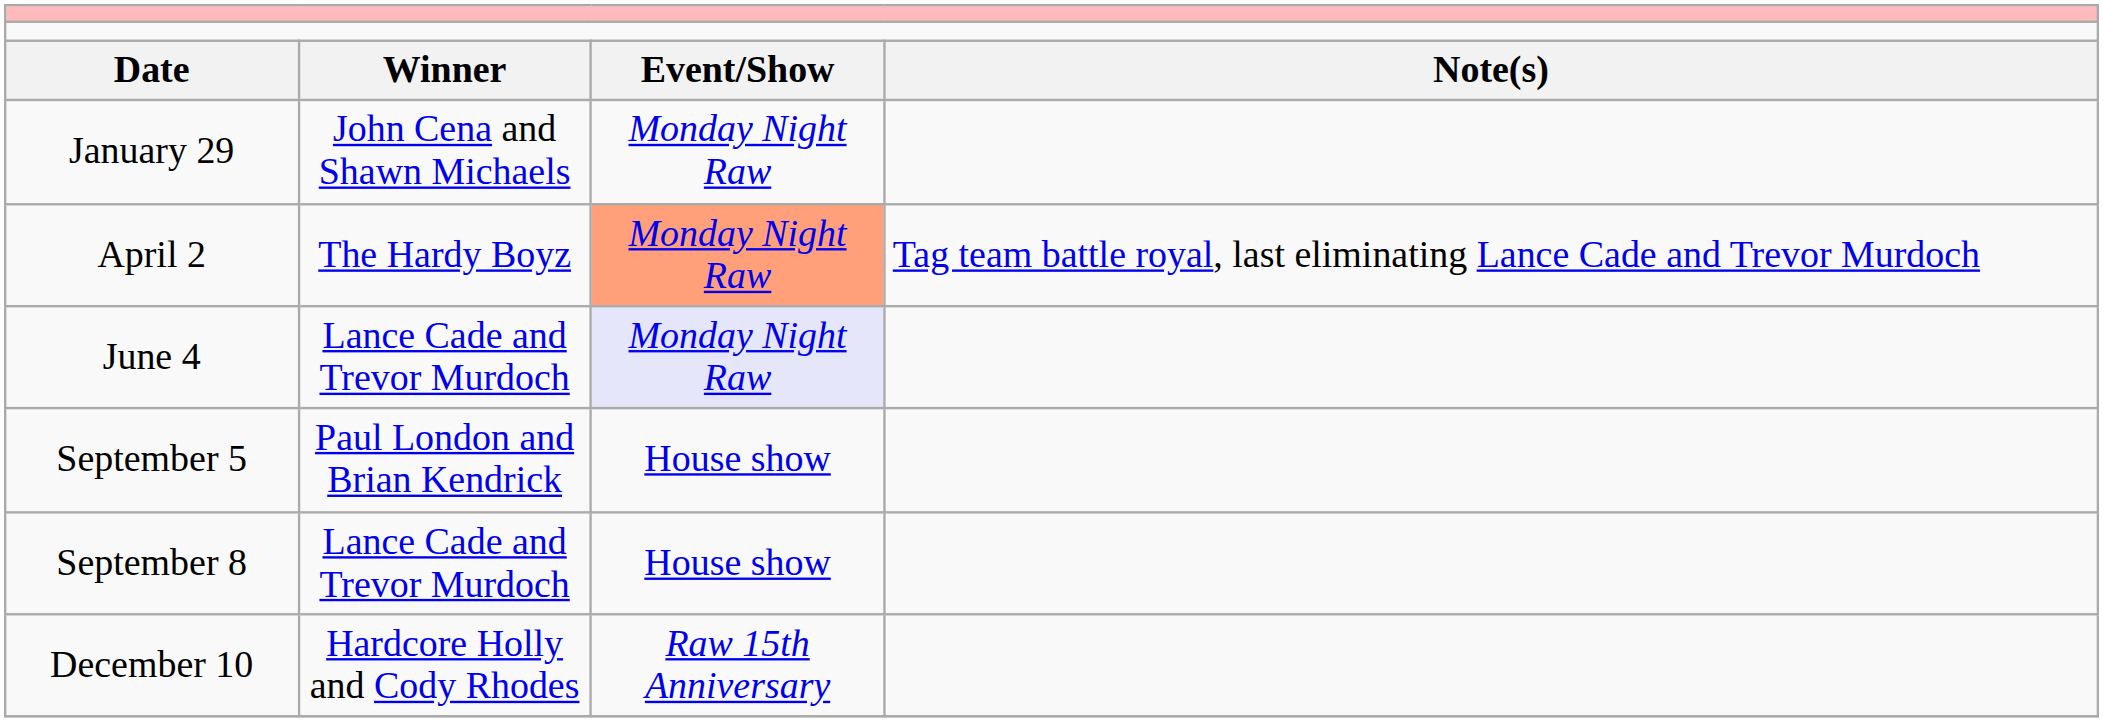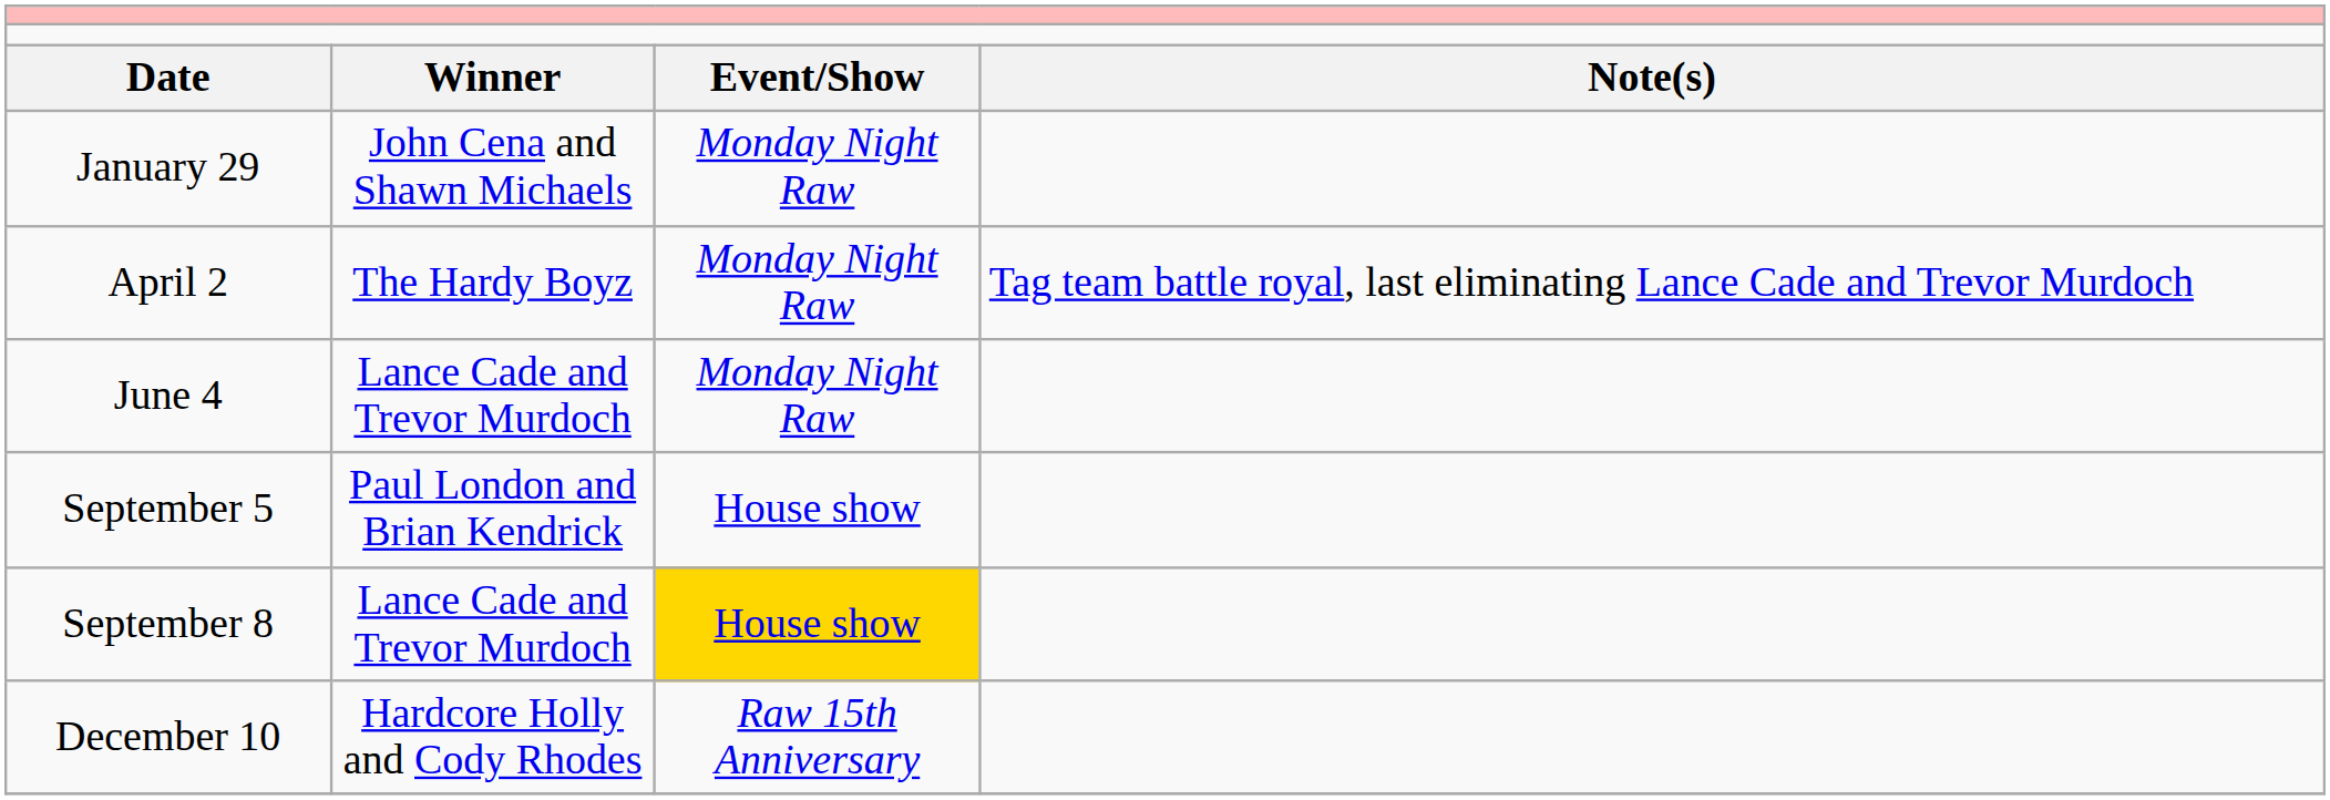 <table class="wikitable" style="text-align:center; width:100%;">
 <tr style="background:#FBB;">
 <td colspan="5"></td>
 </tr>
 <tr>
 <td colspan="5"><strong></strong></td>
 </tr>
 <tr>
 <th width=14%>Date</th>
 <th width=14%>Winner</th>
 <th width=14%>Event/Show</th>
 <th width=58%>Note(s)</th>
 </tr>
 <tr>
 <td>January 29</td>
 <td><a href='#'>John Cena</a> and <a href='#'>Shawn Michaels</a></td>
 <td><em><a href='#'>Monday Night Raw</a></em></td>
 <td></td>
 </tr>
 <tr>
 <td>April 2</td>
 <td><a href='#'>The Hardy Boyz</a><br></td>
-<td style="background: lightsalmon;"><em><a href='#'>Monday Night Raw</a></em></td>
+<td><em><a href='#'>Monday Night Raw</a></em></td>
 <td align=left><a href='#'>Tag team battle royal</a>, last eliminating <a href='#'>Lance Cade and Trevor Murdoch</a></td>
 </tr>
 <tr>
 <td>June 4</td>
 <td><a href='#'>Lance Cade and Trevor Murdoch</a></td>
-<td style="background: lavender;"><em><a href='#'>Monday Night Raw</a></em></td>
+<td><em><a href='#'>Monday Night Raw</a></em></td>
 <td></td>
 </tr>
 <tr>
 <td>September 5</td>
 <td><a href='#'>Paul London and Brian Kendrick</a></td>
 <td><a href='#'>House show</a></td>
 <td></td>
 </tr>
 <tr>
 <td>September 8</td>
 <td><a href='#'>Lance Cade and Trevor Murdoch</a></td>
-<td><a href='#'>House show</a></td>
+<td style="background: gold;"><a href='#'>House show</a></td>
 <td></td>
 </tr>
 <tr>
 <td>December 10</td>
 <td><a href='#'>Hardcore Holly</a> and <a href='#'>Cody Rhodes</a></td>
 <td><em><a href='#'>Raw 15th Anniversary</a></em></td>
 <td></td>
 </tr>
 <tr>
 </tr>
 </table>
